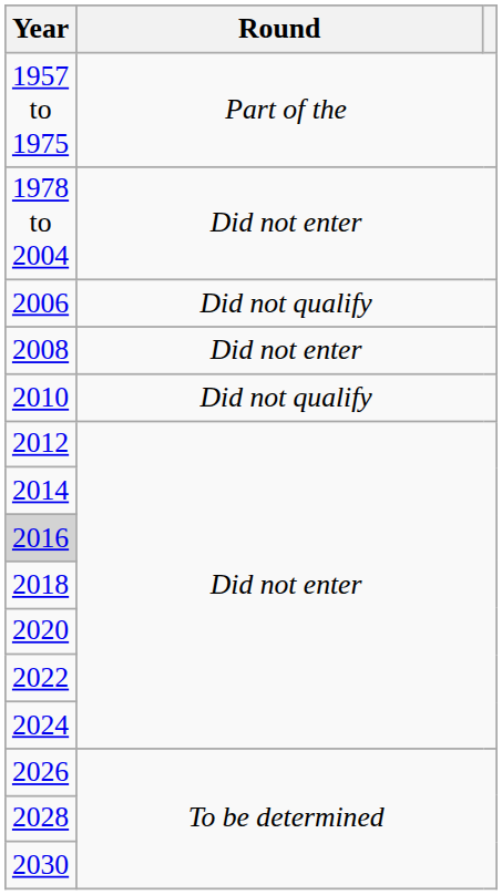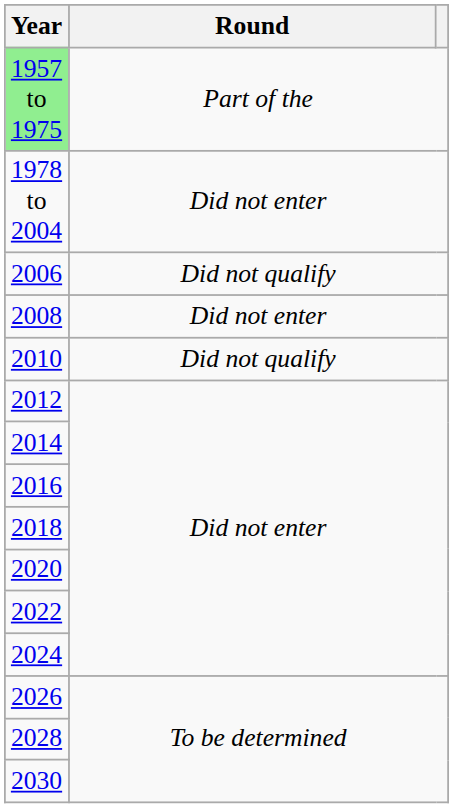 <table class="wikitable" style="text-align: center; font-size:90%">
 <tr>
 <th>Year</th>
 <th style="width:200px">Round</th>
 <th></th>
 </tr>
 <tr>
-<td><a href='#'>1957</a><br>to<br><a href='#'>1975</a></td>
+<td style="background: lightgreen;"><a href='#'>1957</a><br>to<br><a href='#'>1975</a></td>
 <td colspan="2"><em>Part of the </em></td>
 </tr>
 <tr>
 <td><a href='#'>1978</a><br>to<br><a href='#'>2004</a></td>
 <td colspan="2"><em>Did not enter</em></td>
 </tr>
 <tr>
 <td><a href='#'>2006</a></td>
 <td colspan="2"><em>Did not qualify</em></td>
 </tr>
 <tr>
 <td><a href='#'>2008</a></td>
 <td colspan="2"><em>Did not enter</em></td>
 </tr>
 <tr>
 <td><a href='#'>2010</a></td>
 <td colspan="2"><em>Did not qualify</em></td>
 </tr>
 <tr>
 <td><a href='#'>2012</a></td>
 <td colspan="2" rowspan="7"><em>Did not enter</em></td>
 </tr>
 <tr>
 <td><a href='#'>2014</a></td>
 </tr>
 <tr>
-<td style="background: lightgrey;"><a href='#'>2016</a></td>
+<td><a href='#'>2016</a></td>
 </tr>
 <tr>
 <td><a href='#'>2018</a></td>
 </tr>
 <tr>
 <td><a href='#'>2020</a></td>
 </tr>
 <tr>
 <td><a href='#'>2022</a></td>
 </tr>
 <tr>
 <td><a href='#'>2024</a></td>
 </tr>
 <tr>
 <td><a href='#'>2026</a></td>
 <td colspan="2" rowspan="3"><em>To be determined</em></td>
 </tr>
 <tr>
 <td><a href='#'>2028</a></td>
 </tr>
 <tr>
 <td><a href='#'>2030</a></td>
 </tr>
 </table>
